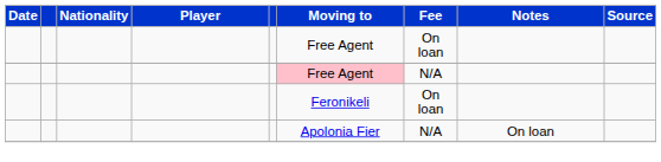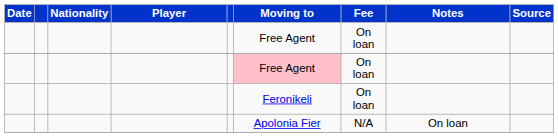 <table class="wikitable" style="text-align:center; font-size:90%; ">
 <tr>
 <th style="background:#03c; color:white; width:15px;">Date</th>
 <th style="background:#03c; color:white; width:10px;"></th>
 <th style="background:#03c; color:white; width:10px;">Nationality</th>
 <th style="background:#03c; color:white; width:140px;">Player</th>
 <th style="background:#03c; color:white; width:1px;"></th>
 <th style="background:#03c; color:white; width:130px;">Moving to</th>
 <th style="background:#03c; color:white; width:50px;">Fee</th>
 <th style="background:#03c; color:white; width:150px;">Notes</th>
 <th style="background:#03c; color:white; width:25px;">Source</th>
 </tr>
 <tr>
 <td></td>
 <td align=center></td>
 <td></td>
 <td></td>
 <td></td>
 <td>Free Agent</td>
 <td align=center>On loan</td>
 <td align=center></td>
 <td align=center></td>
 </tr>
 <tr>
 </tr>
 <tr>
 <td></td>
 <td align=center></td>
 <td></td>
 <td></td>
 <td></td>
 <td style="background: pink;">Free Agent</td>
-<td align=center>N/A</td>
+<td align=center>On loan</td>
 <td align=center></td>
 <td align=center></td>
 </tr>
 <tr>
 <td></td>
 <td align=center></td>
 <td></td>
 <td></td>
 <td></td>
 <td><a href='#'>Feronikeli</a></td>
 <td align=center>On loan</td>
 <td align=center></td>
 <td align=center></td>
 </tr>
 <tr>
 <td></td>
 <td align=center></td>
 <td></td>
 <td></td>
 <td></td>
 <td><a href='#'>Apolonia Fier</a></td>
 <td align=center>N/A</td>
 <td align=center>On loan</td>
 <td align=center></td>
 </tr>
 <tr>
 </tr>
 </table>
